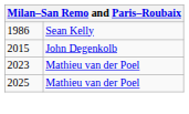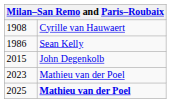 <table class="wikitable">
 <tr>
 <th colspan=2><a href='#'>Milan–San Remo</a> and <a href='#'>Paris–Roubaix</a></th>
+</tr>
+<tr>
+<td>1908</td>
+<td> <a href='#'>Cyrille van Hauwaert</a></td>
 </tr>
 <tr>
 <td>1986</td>
 <td> <a href='#'>Sean Kelly</a></td>
 </tr>
 <tr>
 <td>2015</td>
 <td> <a href='#'>John Degenkolb</a></td>
 </tr>
 <tr>
 <td>2023</td>
 <td> <a href='#'>Mathieu van der Poel</a></td>
 </tr>
 <tr>
 <td>2025</td>
-<td> <a href='#'>Mathieu van der Poel</a></td>
+<td><strong> <a href='#'>Mathieu van der Poel</a></strong></td>
 </tr>
 </table>
